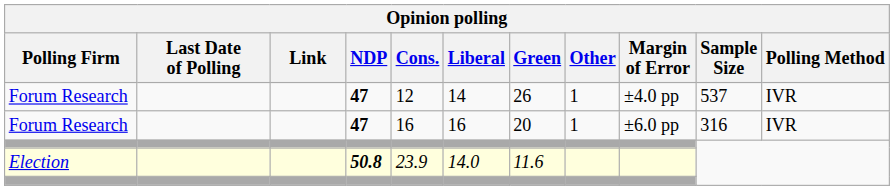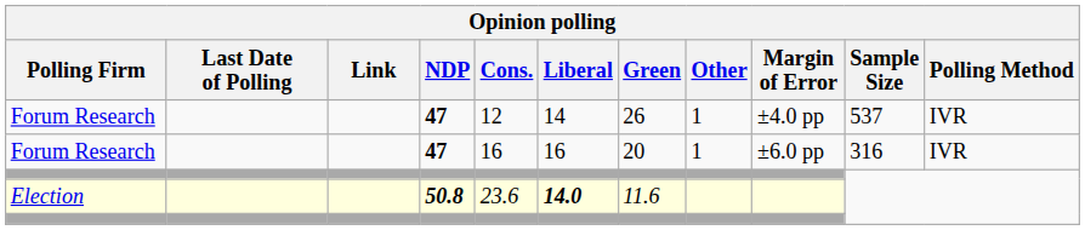 <table class="wikitable collapsible sortable collapsed">
 <tr style="background:#e9e9e9;">
 <th style="width:640px,;" colspan="11">Opinion polling</th>
 </tr>
 <tr style="background:#e9e9e9;">
 <th style="width:110px">Polling Firm</th>
 <th style="width:110px">Last Date<br>of Polling</th>
 <th style="width:60px" class="unsortable">Link</th>
 <th style="background-color:"><a href='#'>NDP</a></th>
 <th style="background-color:"><a href='#'>Cons.</a></th>
 <th style="background-color:"><a href='#'>Liberal</a></th>
 <th style="background-color:"><a href='#'>Green</a></th>
 <th style="background-color:"><a href='#'>Other</a></th>
 <th style="width:60px;" class=unsortable>Margin<br>of Error</th>
 <th style="width:50px;" class=unsortable>Sample<br>Size</th>
 <th class=unsortable>Polling Method</th>
 </tr>
 <tr>
 <td><a href='#'>Forum Research</a></td>
 <td></td>
 <td></td>
 <td><strong>47</strong></td>
 <td>12</td>
 <td>14</td>
 <td>26</td>
 <td>1</td>
 <td>±4.0 pp</td>
 <td>537</td>
 <td>IVR</td>
 </tr>
 <tr>
 <td><a href='#'>Forum Research</a></td>
 <td></td>
 <td></td>
 <td><strong>47</strong></td>
 <td>16</td>
 <td>16</td>
 <td>20</td>
 <td>1</td>
 <td>±6.0 pp</td>
 <td>316</td>
 <td>IVR</td>
 </tr>
 <tr style="background:Darkgrey;">
 <td></td>
 <td></td>
 <td></td>
 <td></td>
 <td></td>
 <td></td>
 <td></td>
 <td></td>
 <td></td>
 </tr>
 <tr>
 <td style="background:#ffd;"><em><a href='#'>Election</a></em></td>
 <td style="background:#ffd;"></td>
 <td style="background:#ffd;"></td>
 <td style="background:#ffd;"><strong><em>50.8</em></strong></td>
-<td style="background:#ffd;"><em>23.9</em></td>
-<td style="background:#ffd;"><em>14.0</em></td>
+<td style="background:#ffd;"><em>23.6</em></td>
+<td style="background:#ffd;"><strong><em>14.0</em></strong></td>
 <td style="background:#ffd;"><em>11.6</em></td>
 <td style="background:#ffd;"></td>
 <td style="background:#ffd;"></td>
 </tr>
 <tr style="background:Darkgrey;">
 <td></td>
 <td></td>
 <td></td>
 <td></td>
 <td></td>
 <td></td>
 <td></td>
 <td></td>
 <td></td>
 </tr>
 </table>
